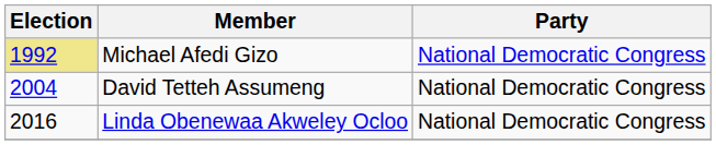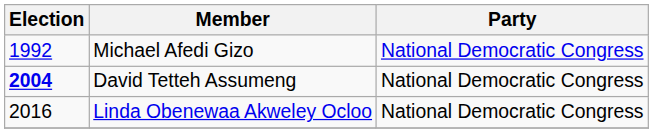 <table class="wikitable">
 <tr>
 <th>Election</th>
 <th>Member</th>
 <th>Party</th>
 </tr>
 <tr>
-<td style="background: khaki;"><a href='#'>1992</a></td>
+<td><a href='#'>1992</a></td>
 <td>Michael Afedi Gizo</td>
 <td><a href='#'>National Democratic Congress</a></td>
 </tr>
 <tr>
-<td><a href='#'>2004</a></td>
+<td><strong><a href='#'>2004</a></strong></td>
 <td>David Tetteh Assumeng</td>
 <td>National Democratic Congress</td>
 </tr>
 <tr>
 <td>2016</td>
 <td><a href='#'>Linda Obenewaa Akweley Ocloo</a></td>
 <td>National Democratic Congress</td>
 </tr>
 <tr>
 </tr>
 </table>
